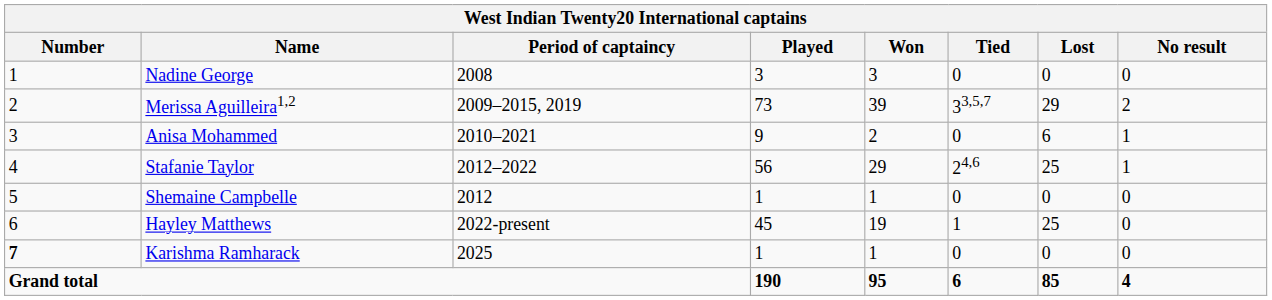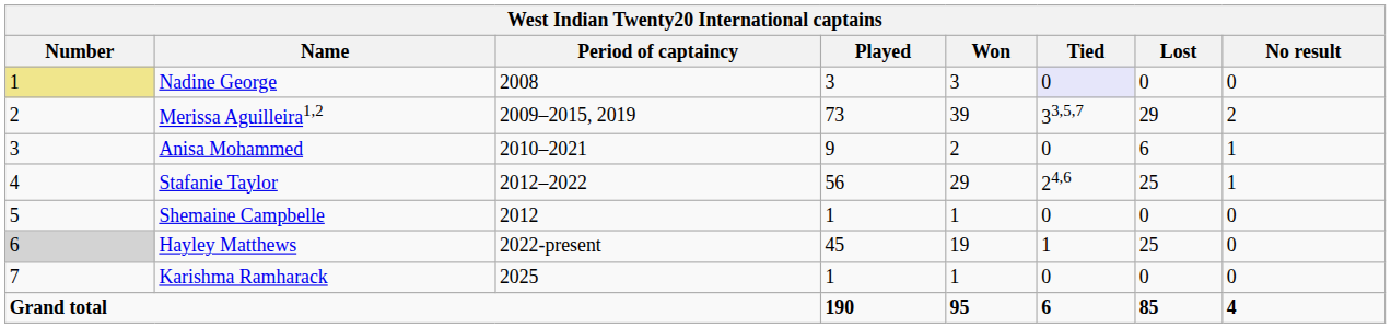 <table class="wikitable" width="90%">
 <tr bgcolor="#efefef">
 <th colspan=8 style="border-right:0px;";>West Indian Twenty20 International captains</th>
 </tr>
 <tr bgcolor="#efefef">
 <th>Number</th>
 <th>Name</th>
 <th>Period of captaincy</th>
 <th>Played</th>
 <th>Won</th>
 <th>Tied</th>
 <th>Lost</th>
 <th>No result</th>
 </tr>
 <tr>
-<td>1</td>
+<td style="background: khaki;">1</td>
 <td><a href='#'>Nadine George</a></td>
 <td>2008</td>
 <td>3</td>
 <td>3</td>
-<td>0</td>
+<td style="background: lavender;">0</td>
 <td>0</td>
 <td>0</td>
 </tr>
 <tr>
 <td>2</td>
 <td><a href='#'>Merissa Aguilleira</a><sup>1,2</sup></td>
 <td>2009–2015, 2019</td>
 <td>73</td>
 <td>39</td>
 <td>3<sup>3,5,7</sup></td>
 <td>29</td>
 <td>2</td>
 </tr>
 <tr>
 <td>3</td>
 <td><a href='#'>Anisa Mohammed</a></td>
 <td>2010–2021</td>
 <td>9</td>
 <td>2</td>
 <td>0</td>
 <td>6</td>
 <td>1</td>
 </tr>
 <tr>
 <td>4</td>
 <td><a href='#'>Stafanie Taylor</a></td>
 <td>2012–2022</td>
 <td>56</td>
 <td>29</td>
 <td>2<sup>4,6</sup></td>
 <td>25</td>
 <td>1</td>
 </tr>
 <tr>
 <td>5</td>
 <td><a href='#'>Shemaine Campbelle</a></td>
 <td>2012</td>
 <td>1</td>
 <td>1</td>
 <td>0</td>
 <td>0</td>
 <td>0</td>
 </tr>
 <tr>
-<td>6</td>
+<td style="background: lightgrey;">6</td>
 <td><a href='#'>Hayley Matthews</a></td>
 <td>2022-present</td>
 <td>45</td>
 <td>19</td>
 <td>1</td>
 <td>25</td>
 <td>0</td>
 </tr>
 <tr>
-<td><strong>7</strong></td>
+<td>7</td>
 <td><a href='#'>Karishma Ramharack</a></td>
 <td>2025</td>
 <td>1</td>
 <td>1</td>
 <td>0</td>
 <td>0</td>
 <td>0</td>
 </tr>
 <tr>
 <td colspan=3><strong>Grand total</strong></td>
 <td><strong>190</strong></td>
 <td><strong>95</strong></td>
 <td><strong>6</strong></td>
 <td><strong>85</strong></td>
 <td><strong>4</strong></td>
 </tr>
 </table>
